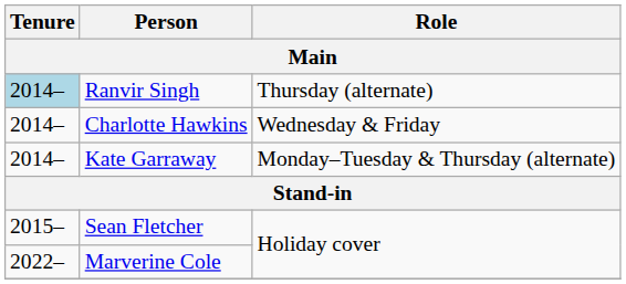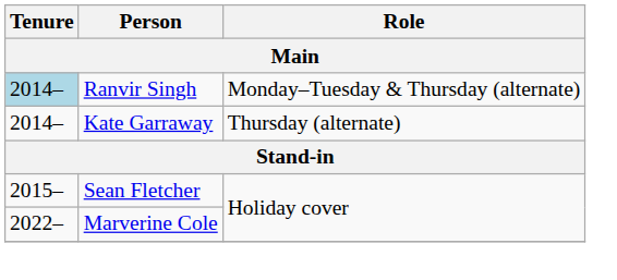 <table class="wikitable">
 <tr>
 <th>Tenure</th>
 <th>Person</th>
 <th>Role</th>
 </tr>
 <tr>
 <th colspan="3">Main</th>
 </tr>
 <tr>
 <td style="background: lightblue;">2014–</td>
 <td><a href='#'>Ranvir Singh</a></td>
-<td>Thursday (alternate)</td>
-</tr>
-<tr>
-<td>2014–</td>
-<td><a href='#'>Charlotte Hawkins</a></td>
-<td>Wednesday & Friday</td>
+<td>Monday–Tuesday & Thursday (alternate)</td>
 </tr>
 <tr>
 <td>2014–</td>
 <td><a href='#'>Kate Garraway</a></td>
-<td>Monday–Tuesday & Thursday (alternate)</td>
+<td>Thursday (alternate)</td>
 </tr>
 <tr>
 <th colspan="3">Stand-in</th>
 </tr>
 <tr>
 <td>2015–</td>
 <td><a href='#'>Sean Fletcher</a></td>
 <td rowspan="2”">Holiday cover</td>
 </tr>
 <tr>
 <td>2022–</td>
 <td><a href='#'>Marverine Cole</a></td>
 </tr>
 <tr>
 </tr>
 </table>
